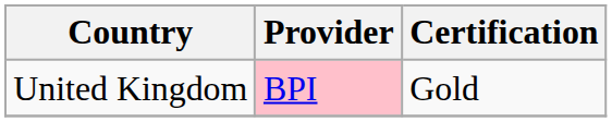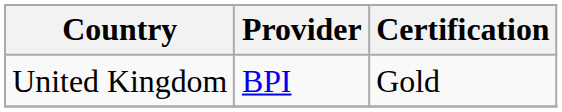 <table class="wikitable">
 <tr>
 <th>Country</th>
 <th>Provider</th>
 <th>Certification</th>
 </tr>
 <tr>
 <td>United Kingdom</td>
-<td style="background: pink;"><a href='#'>BPI</a></td>
+<td><a href='#'>BPI</a></td>
 <td>Gold</td>
 </tr>
 <tr>
 </tr>
 </table>
